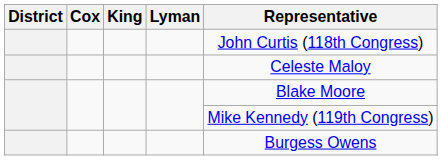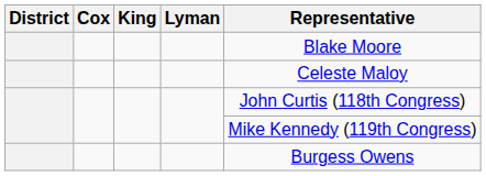 <table class=wikitable>
 <tr>
 <th>District</th>
 <th>Cox</th>
 <th>King</th>
 <th>Lyman</th>
 <th>Representative</th>
 </tr>
 <tr align=center>
 <th></th>
 <td></td>
 <td></td>
 <td></td>
-<td><a href='#'>John Curtis</a> (<a href='#'>118th Congress</a>)</td>
+<td><a href='#'>Blake Moore</a></td>
 </tr>
 <tr align=center>
 <th></th>
 <td></td>
 <td></td>
 <td></td>
 <td><a href='#'>Celeste Maloy</a></td>
 </tr>
 <tr align=center>
 <th rowspan=2 ></th>
 <td rowspan=2></td>
 <td rowspan=2></td>
 <td rowspan=2></td>
-<td><a href='#'>Blake Moore</a></td>
+<td><a href='#'>John Curtis</a> (<a href='#'>118th Congress</a>)</td>
 </tr>
 <tr align=center>
 <td><a href='#'>Mike Kennedy</a> (<a href='#'>119th Congress</a>)</td>
 </tr>
 <tr align=center>
 <th></th>
 <td></td>
 <td></td>
 <td></td>
 <td><a href='#'>Burgess Owens</a></td>
 </tr>
 </table>
